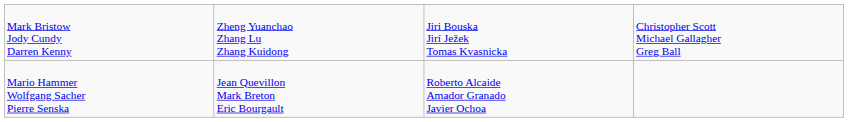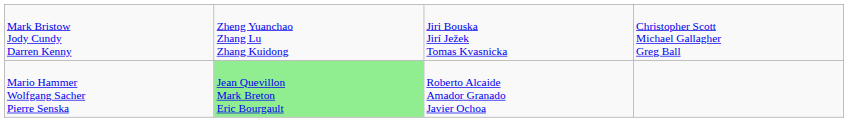 <table class="wikitable">
 <tr>
 <td style="vertical-align:top; width:18em"><br><a href='#'>Mark Bristow</a><br><a href='#'>Jody Cundy</a><br><a href='#'>Darren Kenny</a></td>
 <td style="vertical-align:top; width:18em"><br><a href='#'>Zheng Yuanchao</a><br><a href='#'>Zhang Lu</a><br><a href='#'>Zhang Kuidong</a></td>
 <td style="vertical-align:top; width:18em"><br><a href='#'>Jiri Bouska</a><br><a href='#'>Jirí Ježek</a><br><a href='#'>Tomas Kvasnicka</a></td>
 <td style="vertical-align:top; width:18em"><br><a href='#'>Christopher Scott</a><br><a href='#'>Michael Gallagher</a><br><a href='#'>Greg Ball</a></td>
 </tr>
 <tr>
 <td style="vertical-align:top; width:18em"><br><a href='#'>Mario Hammer</a><br><a href='#'>Wolfgang Sacher</a><br><a href='#'>Pierre Senska</a></td>
-<td style="vertical-align:top; width:18em"><br><a href='#'>Jean Quevillon</a><br><a href='#'>Mark Breton</a><br><a href='#'>Eric Bourgault</a></td>
+<td style="background: lightgreen; vertical-align:top; width:18em"><br><a href='#'>Jean Quevillon</a><br><a href='#'>Mark Breton</a><br><a href='#'>Eric Bourgault</a></td>
 <td style="vertical-align:top; width:18em"><br><a href='#'>Roberto Alcaide</a><br><a href='#'>Amador Granado</a><br><a href='#'>Javier Ochoa</a></td>
 </tr>
 </table>
